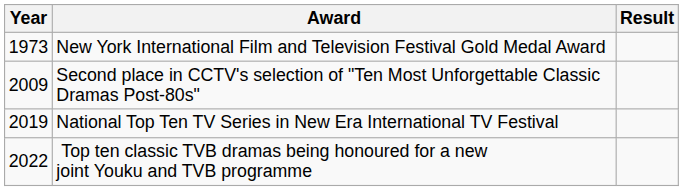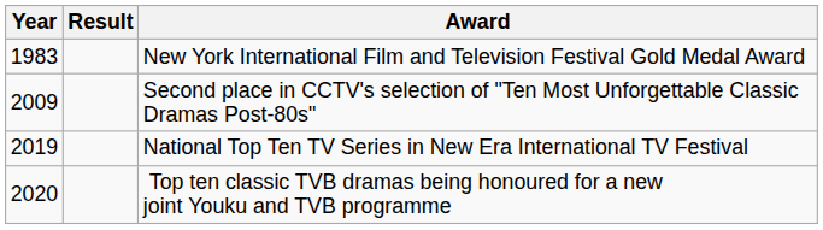 <table class="wikitable">
 <tr>
 <th>Year</th>
+<th>Result</th>
 <th>Award</th>
-<th>Result</th>
 </tr>
 <tr>
-<td rowspan=1>1973</td>
+<td rowspan=1>1983</td>
+<td></td>
 <td>New York International Film and Television Festival Gold Medal Award</td>
-<td></td>
 </tr>
 <tr>
 <td rowspan=1>2009</td>
+<td></td>
 <td>Second place in CCTV's selection of "Ten Most Unforgettable Classic Dramas Post-80s"</td>
-<td></td>
 </tr>
 <tr>
 <td rowspan=1>2019</td>
+<td></td>
 <td>National Top Ten TV Series in New Era International TV Festival</td>
-<td></td>
 </tr>
 <tr>
-<td rowspan=1>2022</td>
+<td rowspan=1>2020</td>
+<td></td>
 <td> Top ten classic TVB dramas being honoured for a new joint Youku and TVB programme</td>
-<td></td>
 </tr>
 </table>
